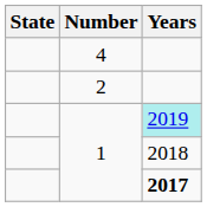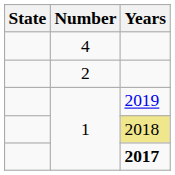 <table class="wikitable sortable">
 <tr>
 <th>State</th>
 <th>Number</th>
 <th>Years</th>
 </tr>
 <tr>
 <td><strong></strong></td>
 <td style="text-align:center;">4</td>
 <td></td>
 </tr>
 <tr>
 <td><strong></strong></td>
 <td style="text-align:center;">2</td>
 <td></td>
 </tr>
 <tr>
 <td><strong></strong></td>
 <td rowspan="3" style="text-align:center;">1</td>
-<td style="background: paleturquoise;"><a href='#'>2019</a></td>
+<td><a href='#'>2019</a></td>
 </tr>
 <tr>
 <td><strong></strong></td>
-<td>2018</td>
+<td style="background: khaki;">2018</td>
 </tr>
 <tr>
 <td><strong></strong></td>
 <td><strong>2017</strong></td>
 </tr>
 </table>
